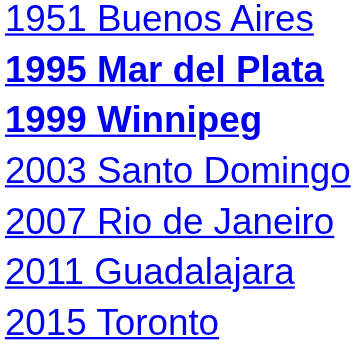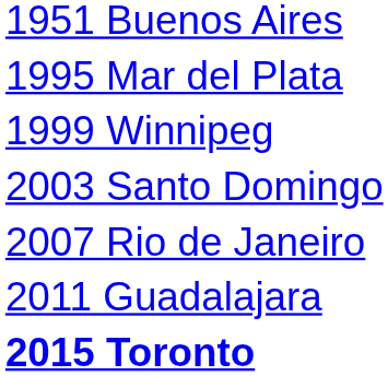 <table>
 <tr>
 <td><a href='#'>1951 Buenos Aires</a></td>
 <td></td>
 <td></td>
 <td></td>
 </tr>
 <tr>
-<td><strong><a href='#'>1995 Mar del Plata</a></strong></td>
+<td><a href='#'>1995 Mar del Plata</a></td>
 <td></td>
 <td></td>
 <td></td>
 </tr>
 <tr>
-<td><strong><a href='#'>1999 Winnipeg</a></strong></td>
+<td><a href='#'>1999 Winnipeg</a></td>
 <td></td>
 <td></td>
 <td></td>
 </tr>
 <tr>
 <td><a href='#'>2003 Santo Domingo</a></td>
 <td></td>
 <td></td>
 <td></td>
 </tr>
 <tr>
 <td><a href='#'>2007 Rio de Janeiro</a></td>
 <td></td>
 <td></td>
 <td></td>
 </tr>
 <tr>
 <td><a href='#'>2011 Guadalajara</a></td>
 <td></td>
 <td></td>
 <td></td>
 </tr>
 <tr>
-<td><a href='#'>2015 Toronto</a><br></td>
+<td><strong><a href='#'>2015 Toronto</a><br></strong></td>
 <td></td>
 <td></td>
 <td></td>
 </tr>
 </table>
